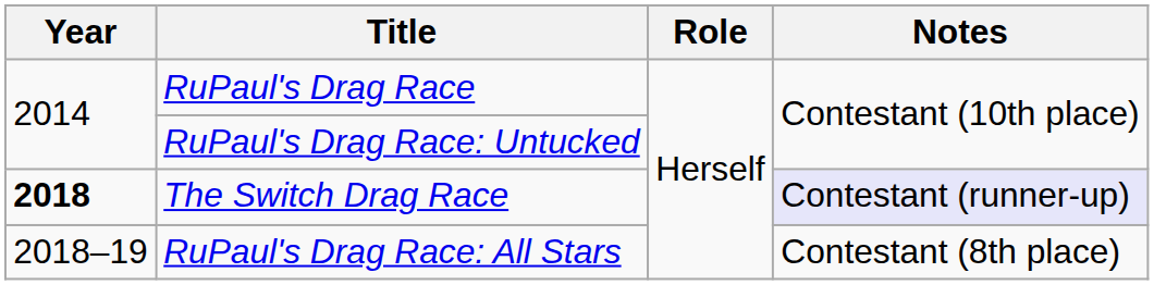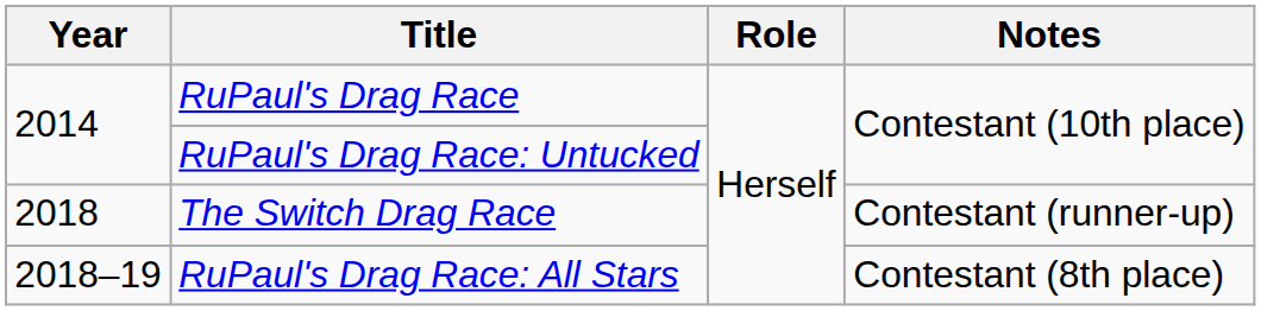 <table class="wikitable plainrowheaders sortable">
 <tr>
 <th scope="col">Year</th>
 <th scope="col">Title</th>
 <th scope="col">Role</th>
 <th scope="col">Notes</th>
 </tr>
 <tr>
 <td rowspan="2">2014</td>
 <td scope="row"><a href='#'><em>RuPaul's Drag Race</em></a></td>
 <td rowspan=4>Herself</td>
 <td rowspan="2">Contestant (10th place)</td>
 </tr>
 <tr>
 <td scope="row"><em><a href='#'>RuPaul's Drag Race: Untucked</a></em></td>
 </tr>
 <tr>
-<td><strong>2018</strong></td>
+<td>2018</td>
 <td scope="row"><em><a href='#'>The Switch Drag Race</a></em></td>
-<td style="background: lavender;">Contestant (runner-up)</td>
+<td>Contestant (runner-up)</td>
 </tr>
 <tr>
 <td>2018–19</td>
 <td scope="row"><a href='#'><em>RuPaul's Drag Race: All Stars</em></a></td>
 <td>Contestant (8th place)</td>
 </tr>
 </table>
